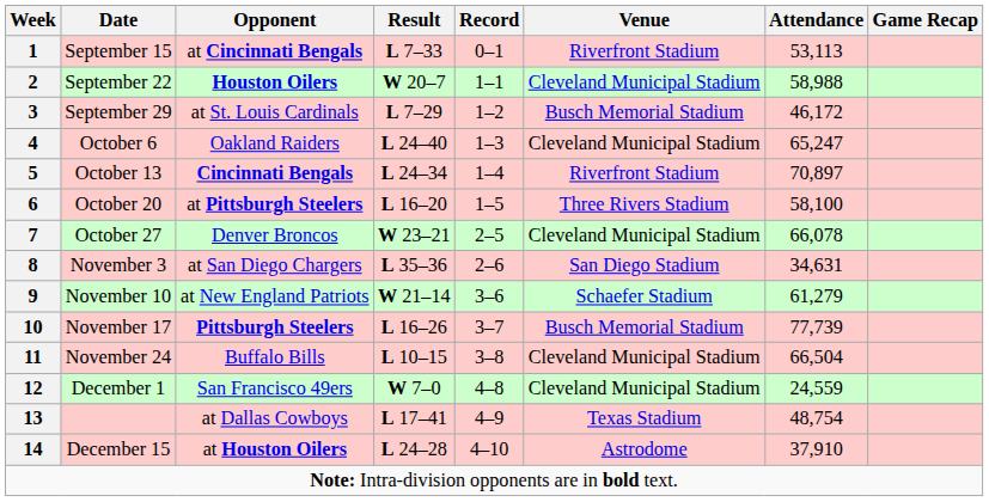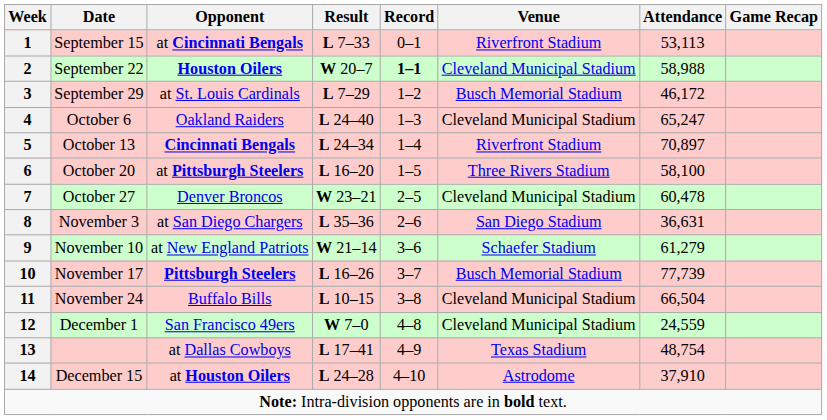 <table class="wikitable" style="text-align:center">
 <tr>
 <th>Week</th>
 <th>Date</th>
 <th>Opponent</th>
 <th>Result</th>
 <th>Record</th>
 <th>Venue</th>
 <th>Attendance</th>
 <th>Game Recap</th>
 </tr>
 <tr style="background:#fcc">
 <th>1</th>
 <td>September 15</td>
 <td>at <strong><a href='#'>Cincinnati Bengals</a></strong></td>
 <td><strong>L</strong> 7–33</td>
 <td>0–1</td>
 <td><a href='#'>Riverfront Stadium</a></td>
 <td>53,113</td>
 <td></td>
 </tr>
 <tr style="background:#cfc">
 <th>2</th>
 <td>September 22</td>
 <td><strong><a href='#'>Houston Oilers</a></strong></td>
 <td><strong>W</strong> 20–7</td>
-<td>1–1</td>
+<td><strong>1–1</strong></td>
 <td><a href='#'>Cleveland Municipal Stadium</a></td>
 <td>58,988</td>
 <td></td>
 </tr>
 <tr style="background:#fcc">
 <th>3</th>
 <td>September 29</td>
 <td>at <a href='#'>St. Louis Cardinals</a></td>
 <td><strong>L</strong> 7–29</td>
 <td>1–2</td>
 <td><a href='#'>Busch Memorial Stadium</a></td>
 <td>46,172</td>
 <td></td>
 </tr>
 <tr style="background:#fcc">
 <th>4</th>
 <td>October 6</td>
 <td><a href='#'>Oakland Raiders</a></td>
 <td><strong>L</strong> 24–40</td>
 <td>1–3</td>
 <td>Cleveland Municipal Stadium</td>
 <td>65,247</td>
 <td></td>
 </tr>
 <tr style="background:#fcc">
 <th>5</th>
 <td>October 13</td>
 <td><strong><a href='#'>Cincinnati Bengals</a></strong></td>
 <td><strong>L</strong> 24–34</td>
 <td>1–4</td>
 <td><a href='#'>Riverfront Stadium</a></td>
 <td>70,897</td>
 <td></td>
 </tr>
 <tr style="background:#fcc">
 <th>6</th>
 <td>October 20</td>
 <td>at <strong><a href='#'>Pittsburgh Steelers</a></strong></td>
 <td><strong>L</strong> 16–20</td>
 <td>1–5</td>
 <td><a href='#'>Three Rivers Stadium</a></td>
 <td>58,100</td>
 <td></td>
 </tr>
 <tr style="background:#cfc">
 <th>7</th>
 <td>October 27</td>
 <td><a href='#'>Denver Broncos</a></td>
 <td><strong>W</strong> 23–21</td>
 <td>2–5</td>
 <td>Cleveland Municipal Stadium</td>
-<td>66,078</td>
+<td>60,478</td>
 <td></td>
 </tr>
 <tr style="background:#fcc">
 <th>8</th>
 <td>November 3</td>
 <td>at <a href='#'>San Diego Chargers</a></td>
 <td><strong>L</strong> 35–36</td>
 <td>2–6</td>
 <td><a href='#'>San Diego Stadium</a></td>
-<td>34,631</td>
+<td>36,631</td>
 <td></td>
 </tr>
 <tr style="background:#cfc">
 <th>9</th>
 <td>November 10</td>
 <td>at <a href='#'>New England Patriots</a></td>
 <td><strong>W</strong> 21–14</td>
 <td>3–6</td>
 <td><a href='#'>Schaefer Stadium</a></td>
 <td>61,279</td>
 <td></td>
 </tr>
 <tr style="background:#fcc">
 <th>10</th>
 <td>November 17</td>
 <td><strong><a href='#'>Pittsburgh Steelers</a></strong></td>
 <td><strong>L</strong> 16–26</td>
 <td>3–7</td>
 <td><a href='#'>Busch Memorial Stadium</a></td>
 <td>77,739</td>
 <td></td>
 </tr>
 <tr style="background:#fcc">
 <th>11</th>
 <td>November 24</td>
 <td><a href='#'>Buffalo Bills</a></td>
 <td><strong>L</strong> 10–15</td>
 <td>3–8</td>
 <td>Cleveland Municipal Stadium</td>
 <td>66,504</td>
 <td></td>
 </tr>
 <tr style="background:#cfc">
 <th>12</th>
 <td>December 1</td>
 <td><a href='#'>San Francisco 49ers</a></td>
 <td><strong>W</strong> 7–0</td>
 <td>4–8</td>
 <td>Cleveland Municipal Stadium</td>
 <td>24,559</td>
 <td></td>
 </tr>
 <tr style="background:#fcc">
 <th>13</th>
 <td></td>
 <td>at <a href='#'>Dallas Cowboys</a></td>
 <td><strong>L</strong> 17–41</td>
 <td>4–9</td>
 <td><a href='#'>Texas Stadium</a></td>
 <td>48,754</td>
 <td></td>
 </tr>
 <tr style="background:#fcc">
 <th>14</th>
 <td>December 15</td>
 <td>at <strong><a href='#'>Houston Oilers</a></strong></td>
 <td><strong>L</strong> 24–28</td>
 <td>4–10</td>
 <td><a href='#'>Astrodome</a></td>
 <td>37,910</td>
 <td></td>
 </tr>
 <tr>
 <td colspan="8"><strong>Note:</strong> Intra-division opponents are in <strong>bold</strong> text.</td>
 </tr>
 </table>
